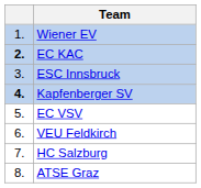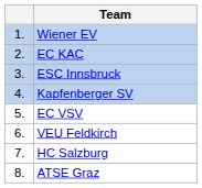 <table class="wikitable">
 <tr>
 <th width="30"></th>
 <th width="200">Team</th>
 </tr>
 <tr bgcolor="#BCD2EE" align="center">
 <td>1.</td>
 <td align="left"><a href='#'>Wiener EV</a></td>
 </tr>
 <tr bgcolor="#BCD2EE" align="center">
-<td><strong>2.</strong></td>
+<td>2.</td>
 <td align="left"><a href='#'>EC KAC</a></td>
 </tr>
 <tr bgcolor="#BCD2EE" align="center">
 <td>3.</td>
 <td align="left"><a href='#'>ESC Innsbruck</a></td>
 </tr>
 <tr bgcolor="#BCD2EE" align="center">
-<td><strong>4.</strong></td>
+<td>4.</td>
 <td align="left"><a href='#'>Kapfenberger SV</a></td>
 </tr>
 <tr bgcolor="#FFFFFF" align="center">
 <td>5.</td>
 <td align="left"><a href='#'>EC VSV</a></td>
 </tr>
 <tr bgcolor="#FFFFFF" align="center">
 <td>6.</td>
 <td align="left"><a href='#'>VEU Feldkirch</a></td>
 </tr>
 <tr bgcolor="#FFFFFF" align="center">
 <td>7.</td>
 <td align="left"><a href='#'>HC Salzburg</a></td>
 </tr>
 <tr bgcolor="#FFFFFF" align="center">
 <td>8.</td>
 <td align="left"><a href='#'>ATSE Graz</a></td>
 </tr>
 </table>
